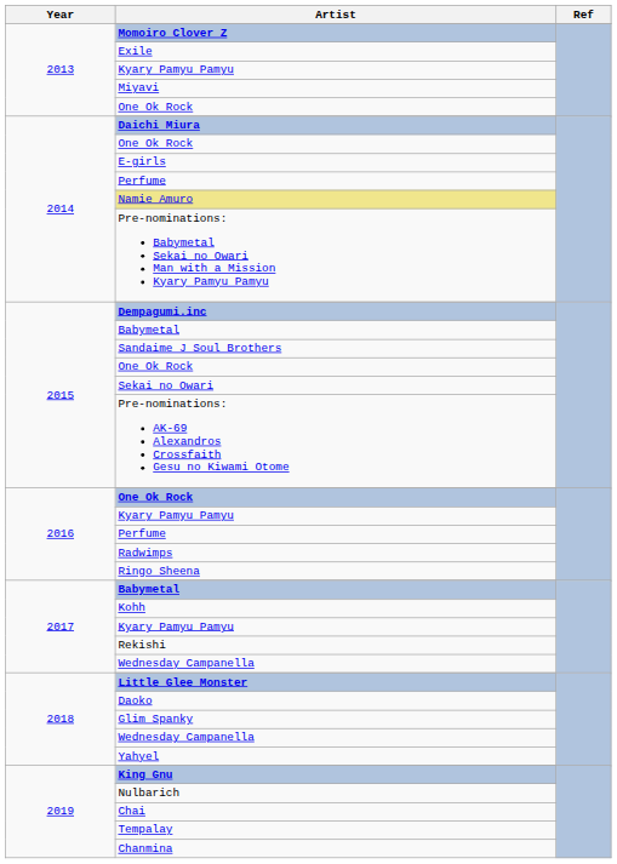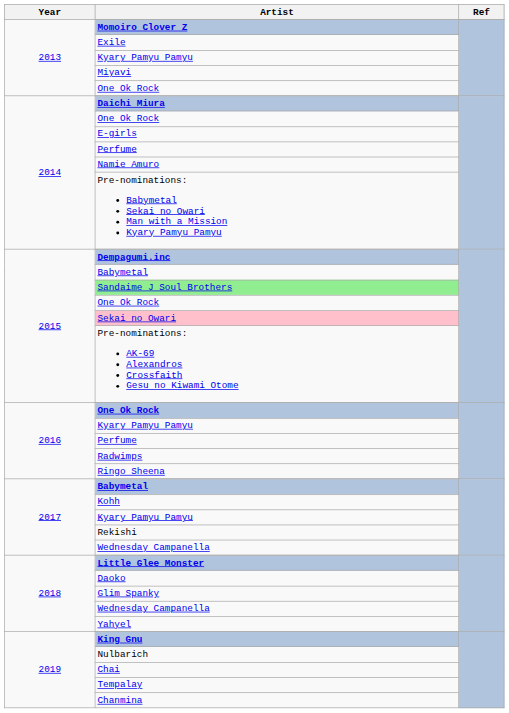 <table class="wikitable" style="width:55%;">
 <tr style="background:#bebebe;">
 <th style="width:10%;">Year</th>
 <th style="width:40%;">Artist</th>
 <th style="width:5%;">Ref</th>
 </tr>
 <tr>
 <td rowspan="6" align="center"><a href='#'>2013</a></td>
 </tr>
 <tr style="background:#B0C4DE">
 <td><strong><a href='#'>Momoiro Clover Z</a></strong></td>
 <td rowspan="6" align="center"></td>
 </tr>
 <tr>
 <td><a href='#'>Exile</a></td>
 </tr>
 <tr>
 <td><a href='#'>Kyary Pamyu Pamyu</a></td>
 </tr>
 <tr>
 <td><a href='#'>Miyavi</a></td>
 </tr>
 <tr>
 <td><a href='#'>One Ok Rock</a></td>
 </tr>
 <tr>
 <td rowspan="7" align="center"><a href='#'>2014</a></td>
 </tr>
 <tr style="background:#B0C4DE">
 <td><strong><a href='#'>Daichi Miura</a></strong></td>
 <td rowspan="7" align="center"></td>
 </tr>
 <tr>
 <td><a href='#'>One Ok Rock</a></td>
 </tr>
 <tr>
 <td><a href='#'>E-girls</a></td>
 </tr>
 <tr>
 <td><a href='#'>Perfume</a></td>
 </tr>
 <tr>
-<td style="background: khaki;"><a href='#'>Namie Amuro</a></td>
+<td><a href='#'>Namie Amuro</a></td>
 </tr>
 <tr>
 <td>Pre-nominations:<br><ul><li><a href='#'>Babymetal</a></li><li><a href='#'>Sekai no Owari</a></li><li><a href='#'>Man with a Mission</a></li><li><a href='#'>Kyary Pamyu Pamyu</a></li></ul></td>
 </tr>
 <tr>
 <td rowspan="7" align="center"><a href='#'>2015</a></td>
 </tr>
 <tr style="background:#B0C4DE">
 <td><strong><a href='#'>Dempagumi.inc</a></strong></td>
 <td rowspan="7" align="center"></td>
 </tr>
 <tr>
 <td><a href='#'>Babymetal</a></td>
 </tr>
 <tr>
-<td><a href='#'>Sandaime J Soul Brothers</a></td>
+<td style="background: lightgreen;"><a href='#'>Sandaime J Soul Brothers</a></td>
 </tr>
 <tr>
 <td><a href='#'>One Ok Rock</a></td>
 </tr>
 <tr>
-<td><a href='#'>Sekai no Owari</a></td>
+<td style="background: pink;"><a href='#'>Sekai no Owari</a></td>
 </tr>
 <tr>
 <td>Pre-nominations:<br><ul><li><a href='#'>AK-69</a></li><li><a href='#'>Alexandros</a></li><li><a href='#'>Crossfaith</a></li><li><a href='#'>Gesu no Kiwami Otome</a></li></ul></td>
 </tr>
 <tr>
 <td rowspan="6" align="center"><a href='#'>2016</a></td>
 </tr>
 <tr style="background:#B0C4DE">
 <td><strong><a href='#'>One Ok Rock</a></strong></td>
 <td rowspan="6" align="center"></td>
 </tr>
 <tr>
 <td><a href='#'>Kyary Pamyu Pamyu</a></td>
 </tr>
 <tr>
 <td><a href='#'>Perfume</a></td>
 </tr>
 <tr>
 <td><a href='#'>Radwimps</a></td>
 </tr>
 <tr>
 <td><a href='#'>Ringo Sheena</a></td>
 </tr>
 <tr>
 <td rowspan="6" align="center"><a href='#'>2017</a></td>
 </tr>
 <tr style="background:#B0C4DE">
 <td><strong><a href='#'>Babymetal</a></strong></td>
 <td rowspan="6" align="center"></td>
 </tr>
 <tr>
 <td><a href='#'>Kohh</a></td>
 </tr>
 <tr>
 <td><a href='#'>Kyary Pamyu Pamyu</a></td>
 </tr>
 <tr>
 <td>Rekishi</td>
 </tr>
 <tr>
 <td><a href='#'>Wednesday Campanella</a></td>
 </tr>
 <tr>
 <td rowspan="6" align="center"><a href='#'>2018</a></td>
 </tr>
 <tr style="background:#B0C4DE">
 <td><strong><a href='#'>Little Glee Monster</a></strong></td>
 <td rowspan="6" align="center"></td>
 </tr>
 <tr>
 <td><a href='#'>Daoko</a></td>
 </tr>
 <tr>
 <td><a href='#'>Glim Spanky</a></td>
 </tr>
 <tr>
 <td><a href='#'>Wednesday Campanella</a></td>
 </tr>
 <tr>
 <td><a href='#'>Yahyel</a></td>
 </tr>
 <tr>
 <td rowspan="6" align="center"><a href='#'>2019</a></td>
 </tr>
 <tr style="background:#B0C4DE">
 <td><strong><a href='#'>King Gnu</a></strong></td>
 <td rowspan="6" align="center"></td>
 </tr>
 <tr>
 <td>Nulbarich</td>
 </tr>
 <tr>
 <td><a href='#'>Chai</a></td>
 </tr>
 <tr>
 <td><a href='#'>Tempalay</a></td>
 </tr>
 <tr>
 <td><a href='#'>Chanmina</a></td>
 </tr>
 </table>
